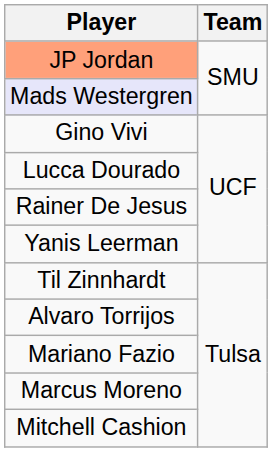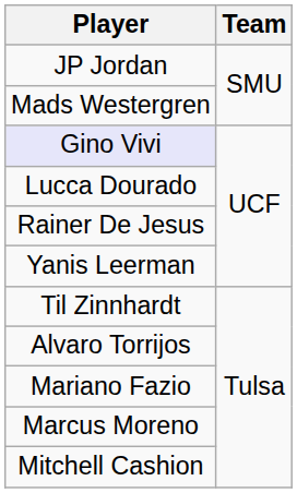 <table class="wikitable" style="text-align:center">
 <tr>
 <th>Player</th>
 <th>Team</th>
 </tr>
 <tr>
-<td style="background: lightsalmon;">JP Jordan</td>
+<td>JP Jordan</td>
 <td rowspan=2>SMU</td>
 </tr>
 <tr>
-<td style="background: lavender;">Mads Westergren</td>
+<td>Mads Westergren</td>
 </tr>
 <tr>
-<td>Gino Vivi</td>
+<td style="background: lavender;">Gino Vivi</td>
 <td rowspan=4>UCF</td>
 </tr>
 <tr>
 <td>Lucca Dourado</td>
 </tr>
 <tr>
 <td>Rainer De Jesus</td>
 </tr>
 <tr>
 <td>Yanis Leerman</td>
 </tr>
 <tr>
 <td>Til Zinnhardt</td>
 <td rowspan=5>Tulsa</td>
 </tr>
 <tr>
 <td>Alvaro Torrijos</td>
 </tr>
 <tr>
 <td>Mariano Fazio</td>
 </tr>
 <tr>
 <td>Marcus Moreno</td>
 </tr>
 <tr>
 <td>Mitchell Cashion</td>
 </tr>
 </table>
